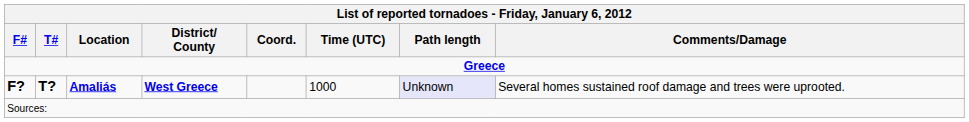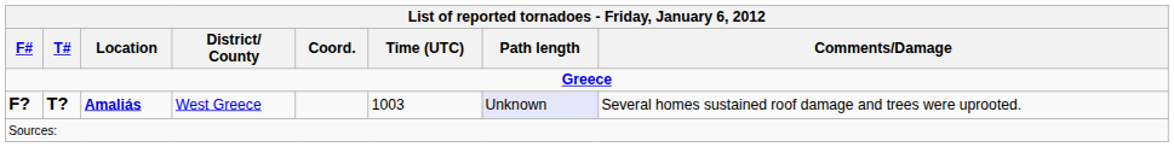 <table class="wikitable collapsible" width="100%">
 <tr>
 <th colspan="8">List of reported tornadoes - Friday, January 6, 2012</th>
 </tr>
 <tr>
 <th><a href='#'>F#</a></th>
 <th><a href='#'>T#</a></th>
 <th>Location</th>
 <th>District/<br>County</th>
 <th>Coord.</th>
 <th>Time (UTC)</th>
 <th>Path length</th>
 <th>Comments/Damage</th>
 </tr>
 <tr>
 <td colspan="8" align=center><strong><a href='#'>Greece</a></strong></td>
 </tr>
 <tr>
 <td><big><strong>F?</strong></big></td>
 <td><big><strong>T?</strong></big></td>
 <td><strong><a href='#'>Amaliás</a></strong></td>
-<td><strong><a href='#'>West Greece</a></strong></td>
+<td><a href='#'>West Greece</a></td>
 <td></td>
-<td>1000</td>
+<td>1003</td>
 <td style="background: lavender;">Unknown</td>
 <td>Several homes sustained roof damage and trees were uprooted.</td>
 </tr>
 <tr>
 <td colspan="8"><small>Sources:  </small></td>
 </tr>
 </table>
